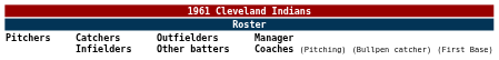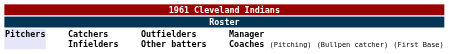 <table class="toccolours" style="font-size: 95%;">
 <tr>
 <th colspan="10" style="background-color: #990000; color: white; text-align: center;">1961 Cleveland Indians</th>
 </tr>
 <tr>
 <td colspan="10" style="background-color: #023456; color: white; text-align: center;"><strong>Roster</strong></td>
 </tr>
 <tr>
-<td valign="top"><strong>Pitchers</strong><br>              </td>
+<td valign="top" style="background: lavender;"><strong>Pitchers</strong><br>              </td>
 <td width="25px"></td>
 <td valign="top"><strong>Catchers</strong><br>  <strong>Infielders</strong>        </td>
 <td width="25px"></td>
 <td valign="top"><strong>Outfielders</strong><br>          <strong>Other batters</strong> </td>
 <td width="25px"></td>
 <td valign="top"><strong>Manager</strong><br>  <strong>Coaches</strong>   <small>(Pitching)</small>  <small>(Bullpen catcher)</small>  <small>(First Base)</small></td>
 </tr>
 </table>
